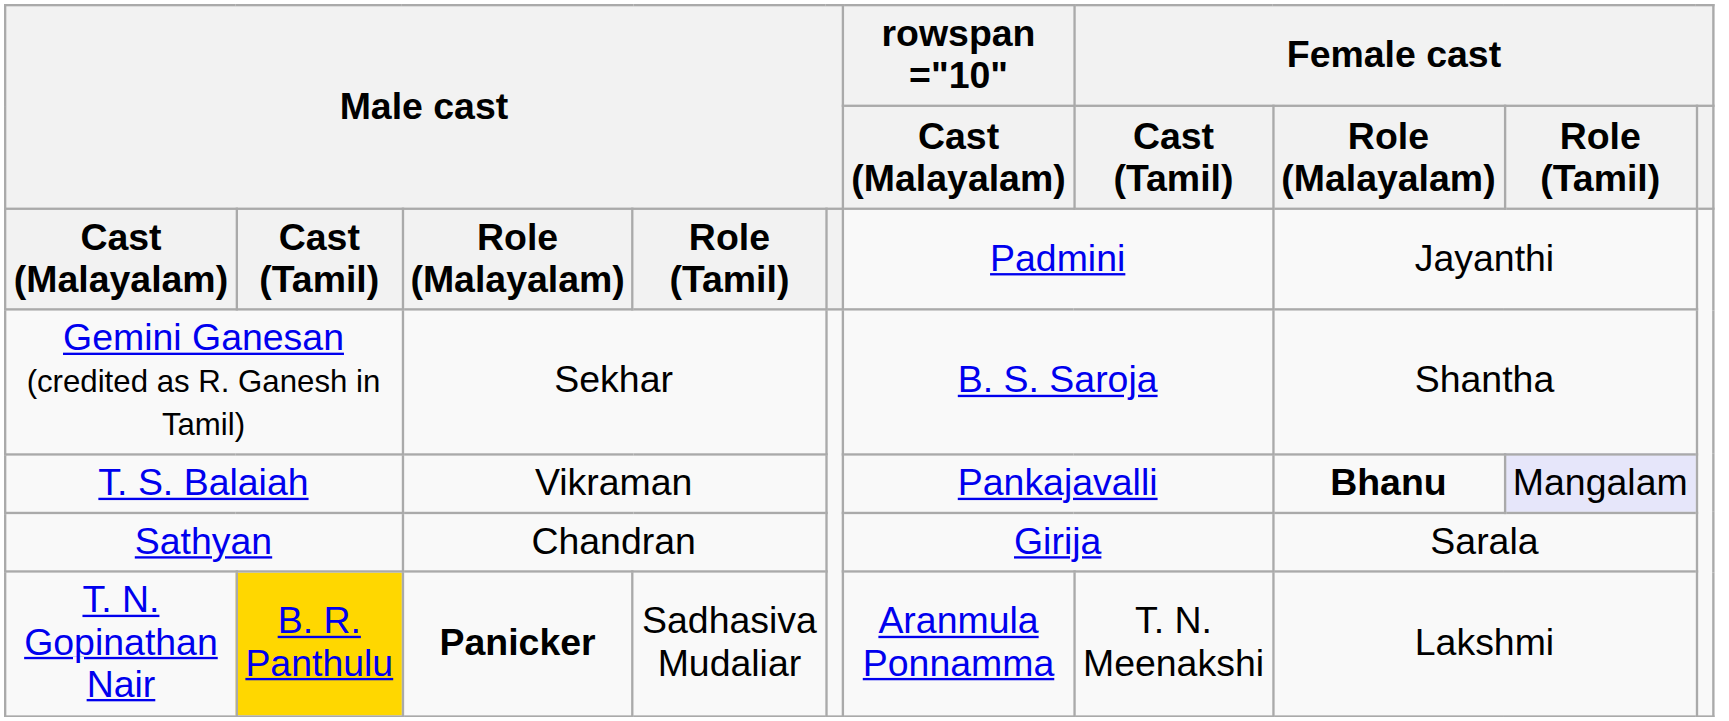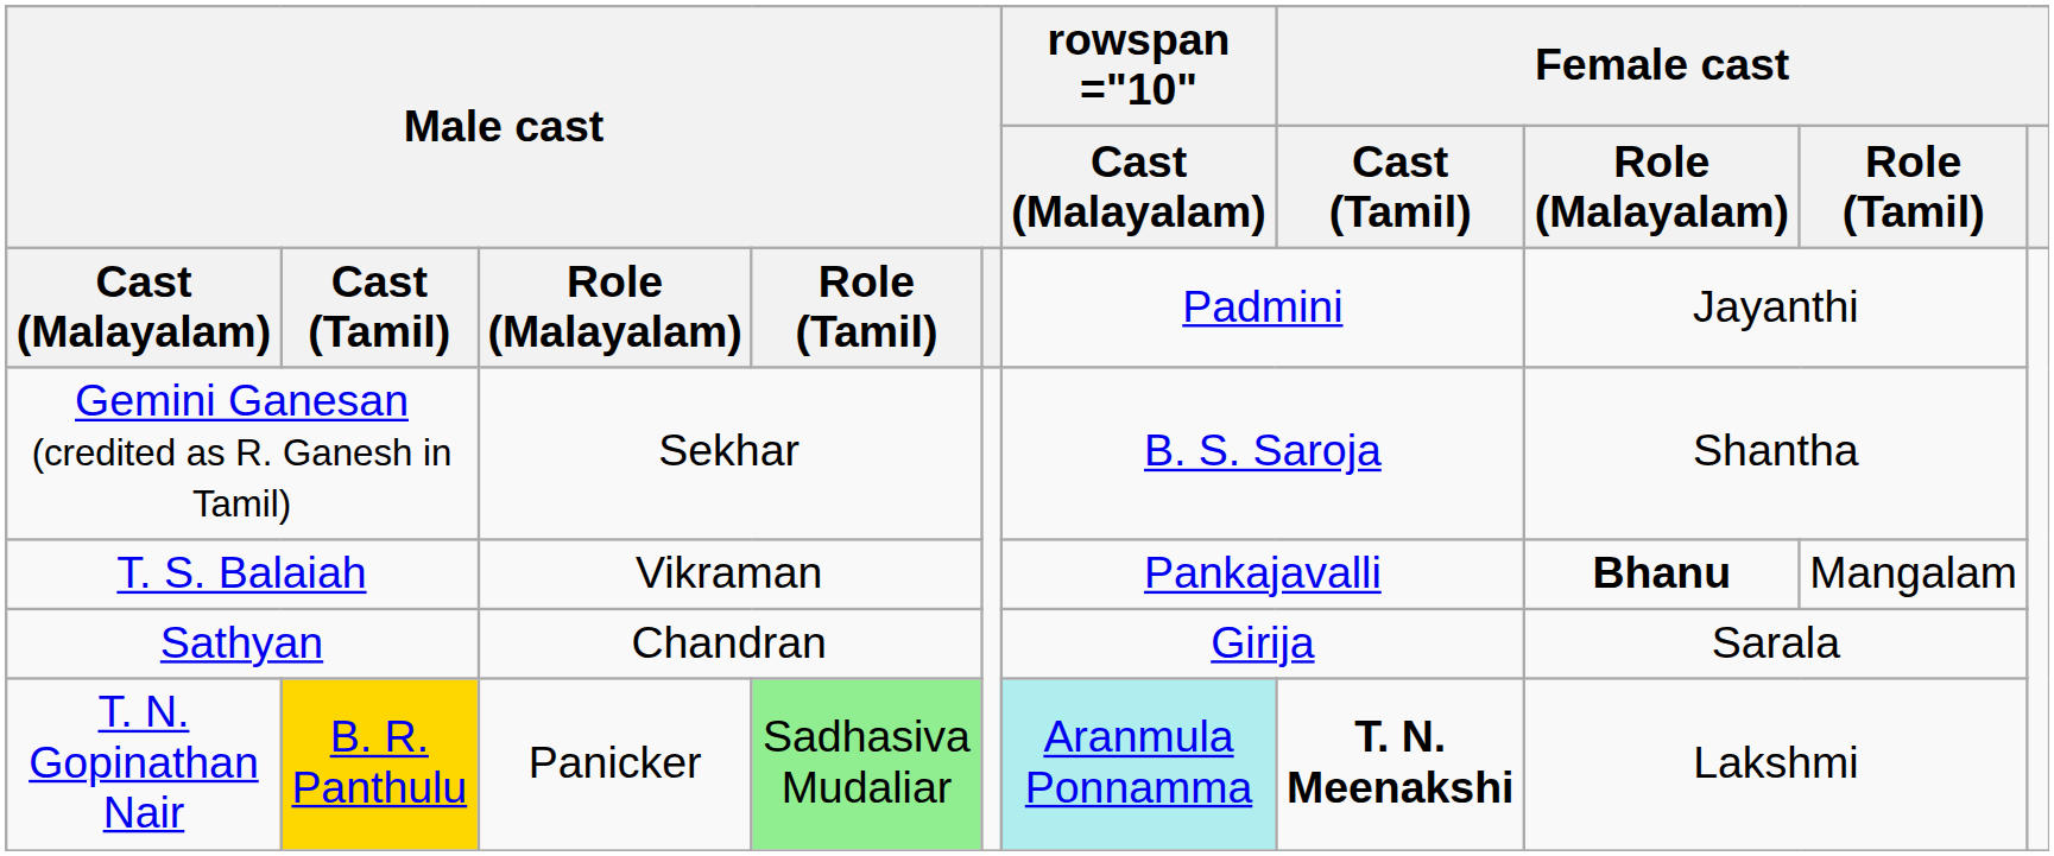 <table class="wikitable">
 <tr>
 <th rowspan="2" colspan="5">Male cast</th>
 <th>rowspan ="10" </th>
 <th colspan="5">Female cast</th>
 </tr>
 <tr>
 <th>Cast (Malayalam)</th>
 <th>Cast (Tamil)</th>
 <th>Role (Malayalam)</th>
 <th>Role (Tamil)</th>
 <th scope="col" class="unsortable" ></th>
 </tr>
 <tr>
 <th>Cast (Malayalam)</th>
 <th>Cast (Tamil)</th>
 <th>Role (Malayalam)</th>
 <th>Role (Tamil)</th>
 <th scope="col" class="unsortable" ></th>
 <td colspan="2" style="text-align:center;"><a href='#'>Padmini</a></td>
 <td colspan="2" style="text-align:center;">Jayanthi</td>
 <td rowspan="5"></td>
 </tr>
 <tr>
 <td colspan="2" style="text-align:center;"><a href='#'>Gemini Ganesan</a><br><small>(credited as R. Ganesh in Tamil)</small></td>
 <td colspan="2" style="text-align:center;">Sekhar</td>
 <td rowspan="4"></td>
 <td colspan="2" style="text-align:center;"><a href='#'>B. S. Saroja</a></td>
 <td colspan="2" style="text-align:center;">Shantha</td>
 </tr>
 <tr>
 <td colspan="2" style="text-align:center;"><a href='#'>T. S. Balaiah</a></td>
 <td colspan="2" style="text-align:center;">Vikraman</td>
 <td colspan="2" style="text-align:center;"><a href='#'>Pankajavalli</a></td>
 <td style="text-align:center;"><strong>Bhanu</strong></td>
-<td style="background: lavender; text-align:center;">Mangalam</td>
+<td style="text-align:center;">Mangalam</td>
 </tr>
 <tr>
 <td colspan="2" style="text-align:center;"><a href='#'>Sathyan</a></td>
 <td colspan="2" style="text-align:center;">Chandran</td>
 <td colspan="2" style="text-align:center;"><a href='#'>Girija</a></td>
 <td colspan="2" style="text-align:center;">Sarala</td>
 </tr>
 <tr>
 <td style="text-align:center;"><a href='#'>T. N. Gopinathan Nair</a></td>
 <td style="background: gold; text-align:center;"><a href='#'>B. R. Panthulu</a></td>
-<td style="text-align:center;"><strong>Panicker</strong></td>
-<td style="text-align:center;">Sadhasiva Mudaliar</td>
-<td style="text-align:center;"><a href='#'>Aranmula Ponnamma</a></td>
-<td style="text-align:center;">T. N. Meenakshi</td>
+<td style="text-align:center;">Panicker</td>
+<td style="background: lightgreen; text-align:center;">Sadhasiva Mudaliar</td>
+<td style="background: paleturquoise; text-align:center;"><a href='#'>Aranmula Ponnamma</a></td>
+<td style="text-align:center;"><strong>T. N. Meenakshi</strong></td>
 <td colspan="2" style="text-align:center;">Lakshmi</td>
 </tr>
 </table>
